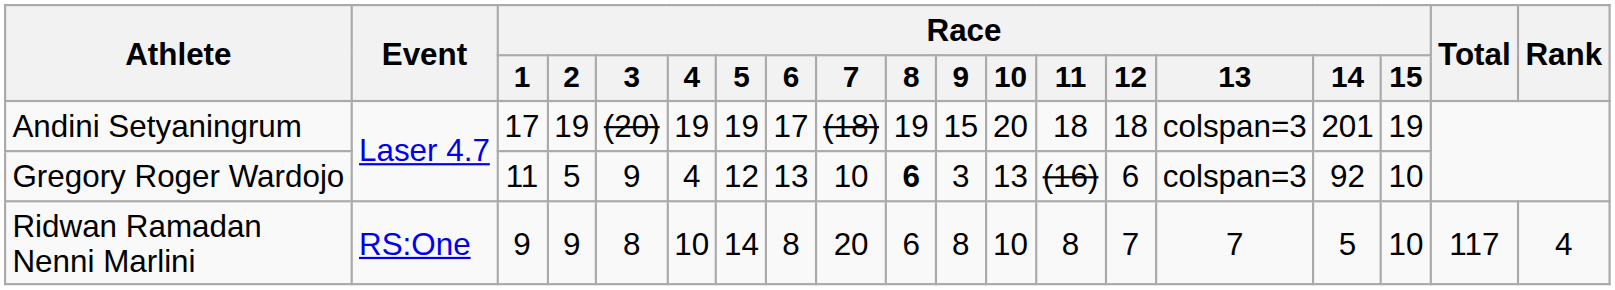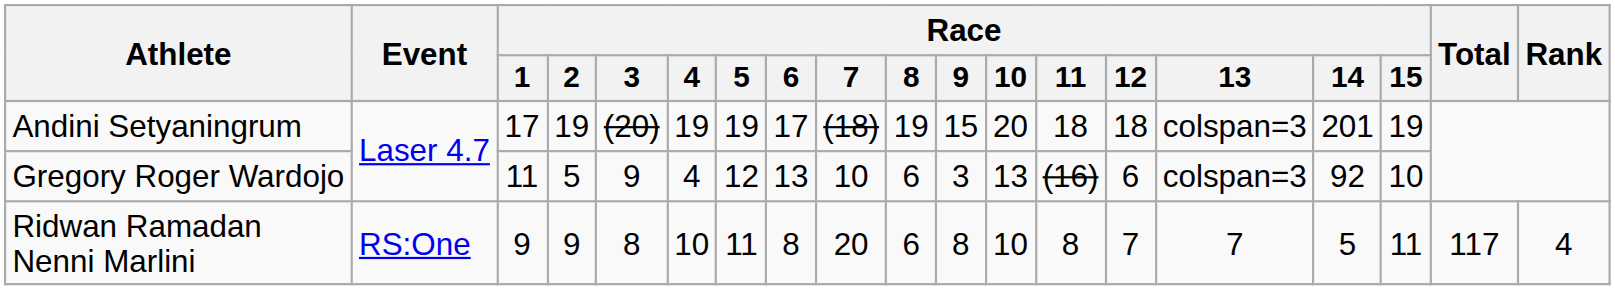 <table class=wikitable style=font-size:90%;text-align:center>
 <tr>
 <th rowspan="2">Athlete</th>
 <th rowspan="2">Event</th>
 <th colspan=15>Race</th>
 <th rowspan=2>Total</th>
 <th rowspan=2>Rank</th>
 </tr>
 <tr style="font-size:95%">
 <th>1</th>
 <th>2</th>
 <th>3</th>
 <th>4</th>
 <th>5</th>
 <th>6</th>
 <th>7</th>
 <th>8</th>
 <th>9</th>
 <th>10</th>
 <th>11</th>
 <th>12</th>
 <th>13</th>
 <th>14</th>
 <th>15</th>
 </tr>
 <tr>
 <td align=left>Andini Setyaningrum</td>
 <td align=left rowspan=2><a href='#'>Laser 4.7</a></td>
 <td>17</td>
 <td>19</td>
 <td><s>(20)</s></td>
 <td>19</td>
 <td>19</td>
 <td>17</td>
 <td><s>(18)</s></td>
 <td>19</td>
 <td>15</td>
 <td>20</td>
 <td>18</td>
 <td>18</td>
 <td>colspan=3 </td>
 <td>201</td>
 <td>19</td>
 </tr>
 <tr>
 <td align=left>Gregory Roger Wardojo</td>
 <td>11</td>
 <td>5</td>
 <td>9</td>
 <td>4</td>
 <td>12</td>
 <td>13</td>
 <td>10</td>
-<td><strong>6</strong></td>
+<td>6</td>
 <td>3</td>
 <td>13</td>
 <td><s>(16)</s></td>
 <td>6</td>
 <td>colspan=3 </td>
 <td>92</td>
 <td>10</td>
 </tr>
 <tr>
 <td align=left>Ridwan Ramadan<br>Nenni Marlini</td>
 <td align=left rowspan=2><a href='#'>RS:One</a></td>
 <td>9</td>
 <td>9</td>
 <td>8</td>
 <td>10</td>
-<td>14</td>
+<td>11</td>
 <td>8</td>
 <td>20</td>
 <td>6</td>
 <td>8</td>
 <td>10</td>
 <td>8</td>
 <td>7</td>
 <td>7</td>
 <td>5</td>
-<td>10</td>
+<td>11</td>
 <td>117</td>
 <td>4</td>
 </tr>
 </table>
